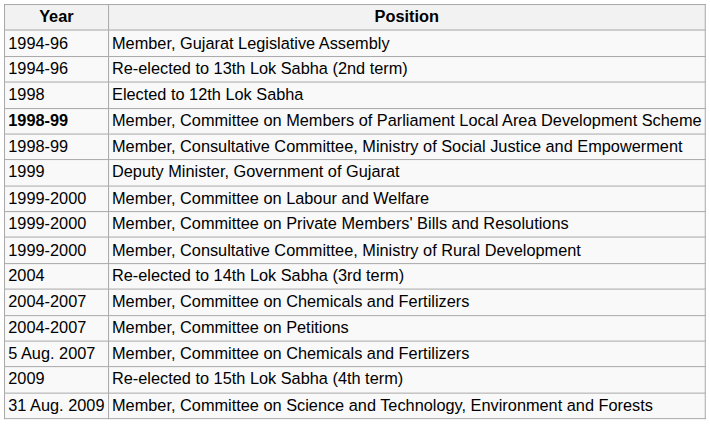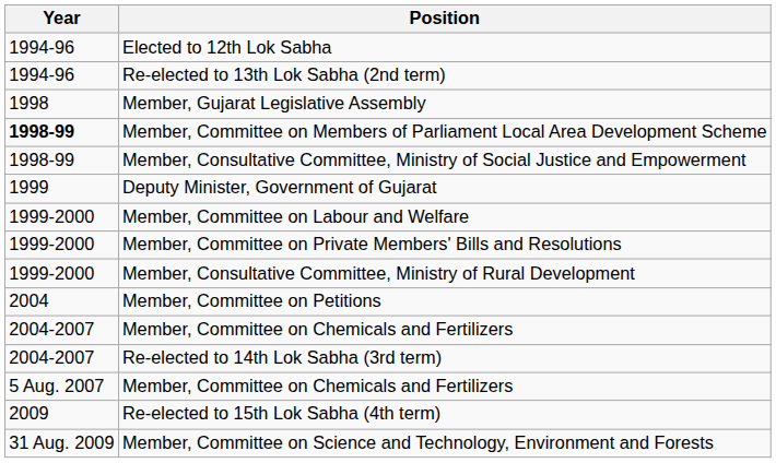 <table class="wikitable">
 <tr>
 <th>Year</th>
 <th>Position</th>
 </tr>
 <tr>
 <td>1994-96</td>
-<td>Member, Gujarat Legislative Assembly</td>
+<td>Elected to 12th Lok Sabha</td>
 </tr>
 <tr>
 <td>1994-96</td>
 <td>Re-elected to 13th Lok Sabha (2nd term)</td>
 </tr>
 <tr>
 <td>1998</td>
-<td>Elected to 12th Lok Sabha</td>
+<td>Member, Gujarat Legislative Assembly</td>
 </tr>
 <tr>
 <td><strong>1998-99</strong></td>
 <td>Member, Committee on Members of Parliament Local Area Development Scheme</td>
 </tr>
 <tr>
 <td>1998-99</td>
 <td>Member, Consultative Committee, Ministry of Social Justice and Empowerment</td>
 </tr>
 <tr>
 <td>1999</td>
 <td>Deputy Minister, Government of Gujarat</td>
 </tr>
 <tr>
 <td>1999-2000</td>
 <td>Member, Committee on Labour and Welfare</td>
 </tr>
 <tr>
 <td>1999-2000</td>
 <td>Member, Committee on Private Members' Bills and Resolutions</td>
 </tr>
 <tr>
 <td>1999-2000</td>
 <td>Member, Consultative Committee, Ministry of Rural Development</td>
 </tr>
 <tr>
 <td>2004</td>
-<td>Re-elected to 14th Lok Sabha (3rd term)</td>
+<td>Member, Committee on Petitions</td>
 </tr>
 <tr>
 <td>2004-2007</td>
 <td>Member, Committee on Chemicals and Fertilizers</td>
 </tr>
 <tr>
 <td>2004-2007</td>
-<td>Member, Committee on Petitions</td>
+<td>Re-elected to 14th Lok Sabha (3rd term)</td>
 </tr>
 <tr>
 <td>5 Aug. 2007</td>
 <td>Member, Committee on Chemicals and Fertilizers</td>
 </tr>
 <tr>
 <td>2009</td>
 <td>Re-elected to 15th Lok Sabha (4th term)</td>
 </tr>
 <tr>
 <td>31 Aug. 2009</td>
 <td>Member, Committee on Science and Technology, Environment and Forests</td>
 </tr>
 </table>
